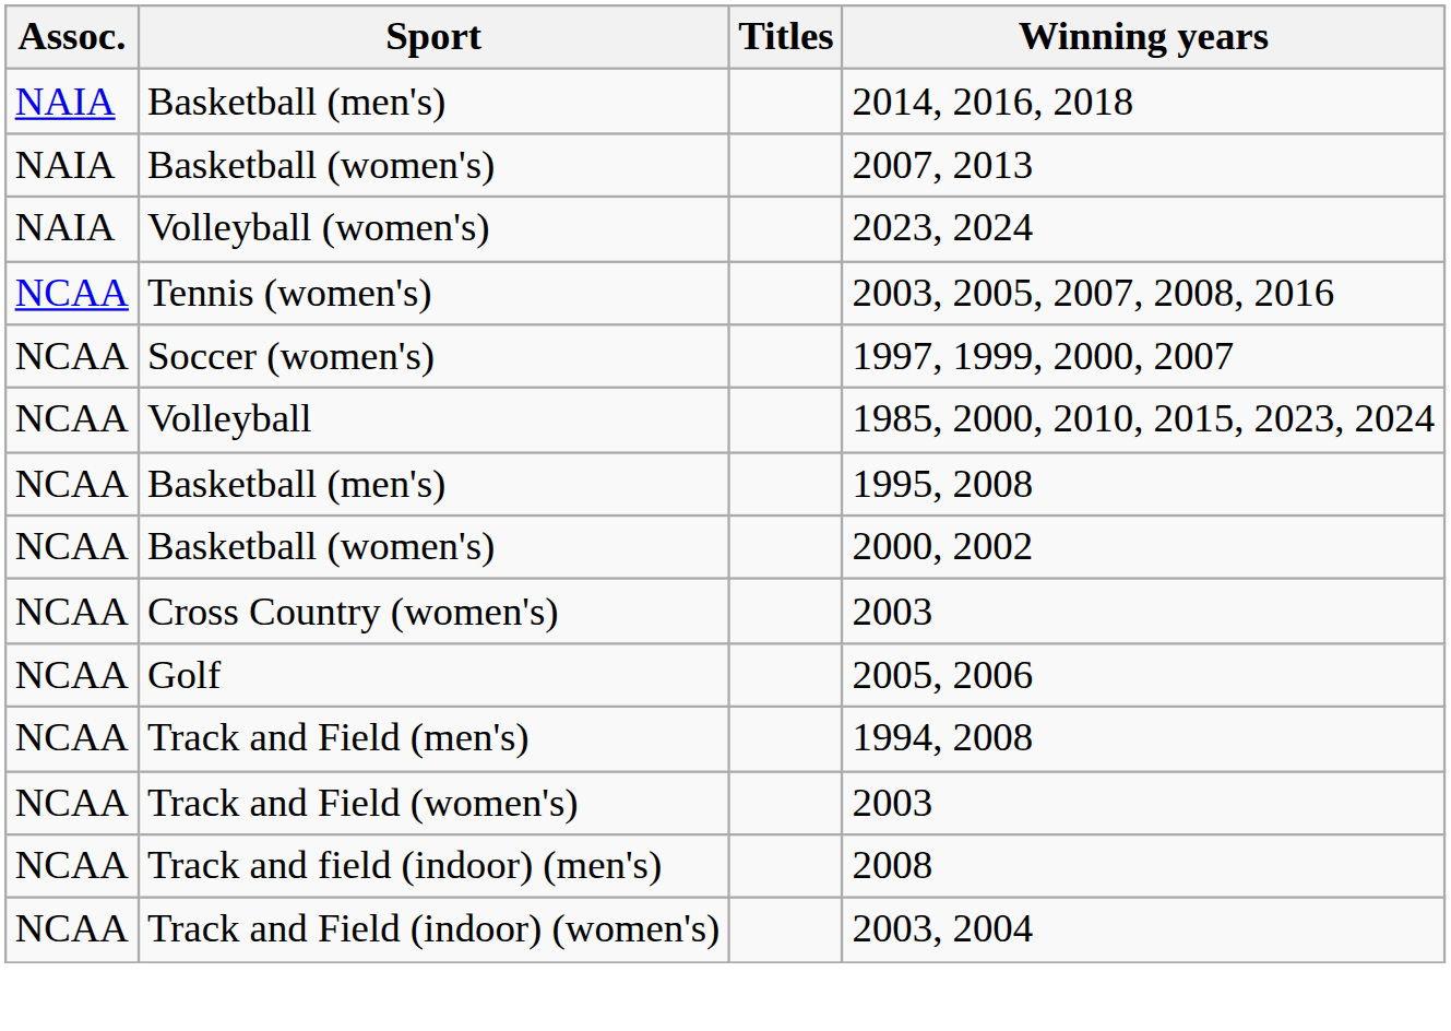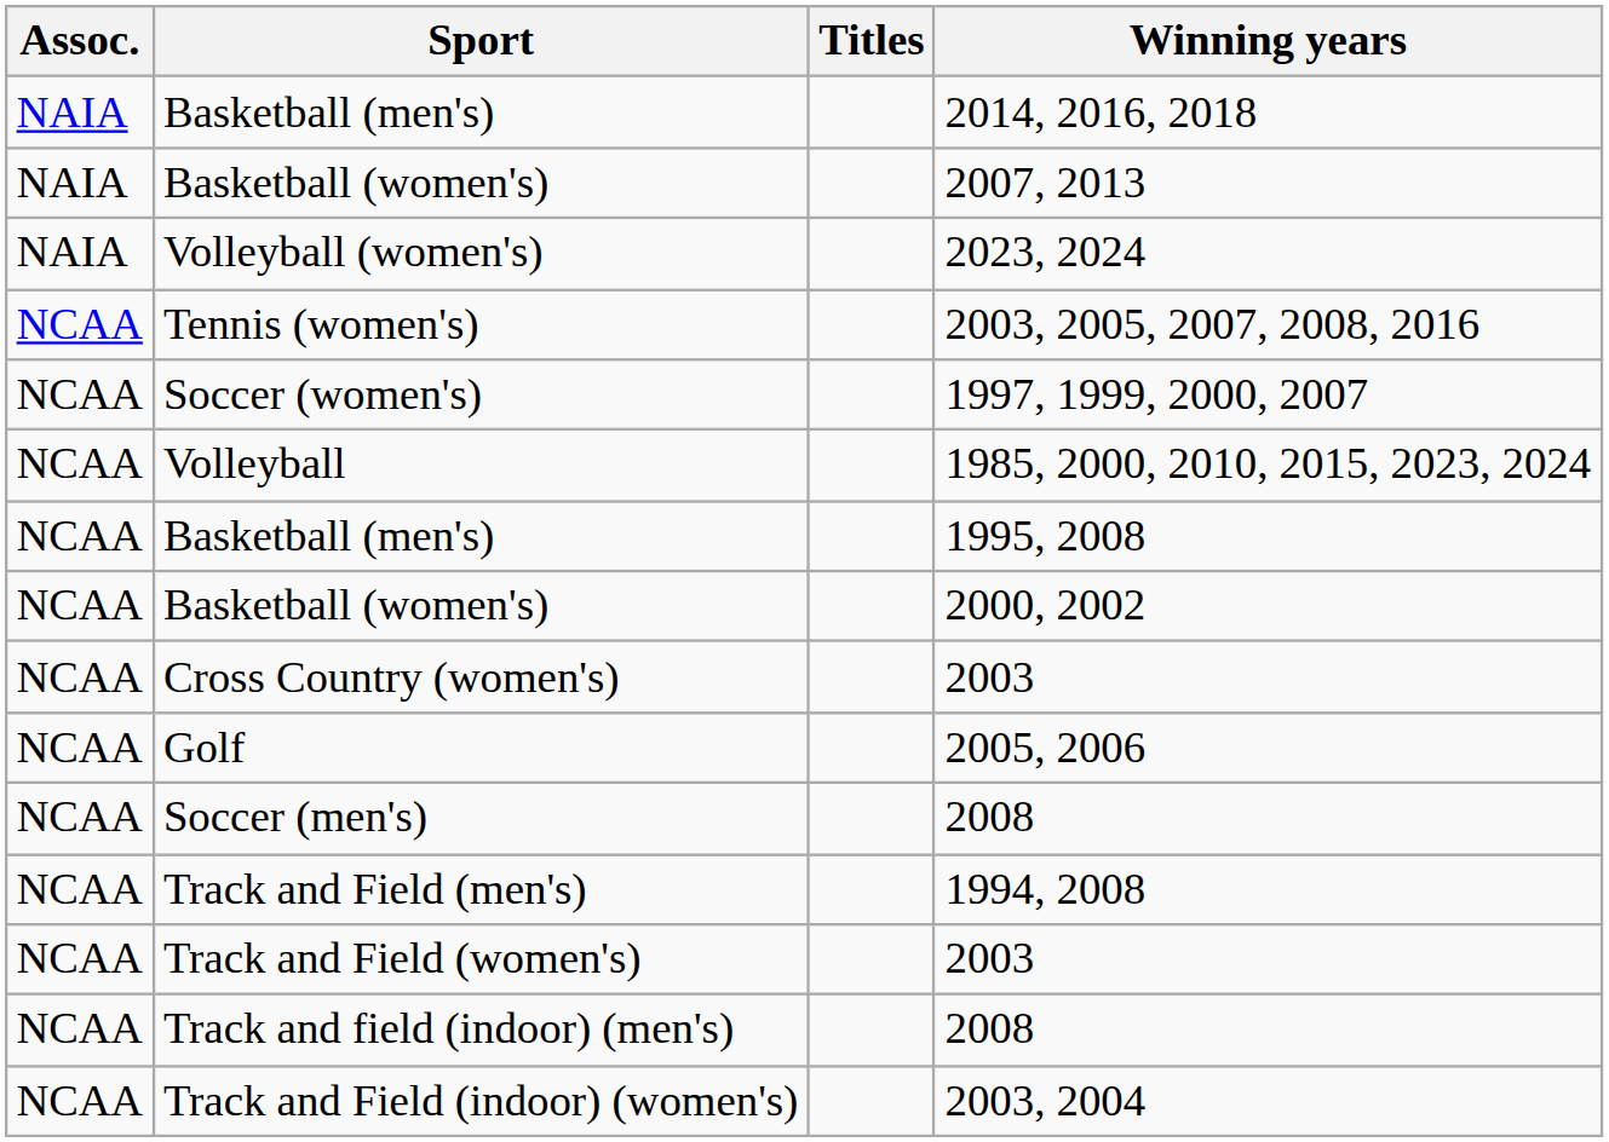 <table class="wikitable"; style= "text-align: ">
 <tr>
 <th width=px>Assoc.</th>
 <th width=px>Sport</th>
 <th width=px>Titles</th>
 <th width=px>Winning years</th>
 </tr>
 <tr>
 <td><a href='#'>NAIA</a></td>
 <td>Basketball (men's)</td>
 <td></td>
 <td>2014, 2016, 2018</td>
 </tr>
 <tr>
 <td>NAIA</td>
 <td>Basketball (women's)</td>
 <td></td>
 <td>2007, 2013</td>
 </tr>
 <tr>
 <td>NAIA</td>
 <td>Volleyball (women's)</td>
 <td></td>
 <td>2023, 2024</td>
 </tr>
 <tr>
 <td><a href='#'>NCAA</a></td>
 <td>Tennis (women's)</td>
 <td></td>
 <td>2003, 2005, 2007, 2008, 2016</td>
 </tr>
 <tr>
 <td>NCAA</td>
 <td>Soccer (women's)</td>
 <td></td>
 <td>1997, 1999, 2000, 2007</td>
 </tr>
 <tr>
 <td>NCAA</td>
 <td>Volleyball</td>
 <td></td>
 <td>1985, 2000, 2010, 2015, 2023, 2024</td>
 </tr>
 <tr>
 <td>NCAA</td>
 <td>Basketball (men's)</td>
 <td></td>
 <td>1995, 2008</td>
 </tr>
 <tr>
 <td>NCAA</td>
 <td>Basketball (women's)</td>
 <td></td>
 <td>2000, 2002</td>
 </tr>
 <tr>
 <td>NCAA</td>
 <td>Cross Country (women's)</td>
 <td></td>
 <td>2003</td>
 </tr>
 <tr>
 <td>NCAA</td>
 <td>Golf</td>
 <td></td>
 <td>2005, 2006</td>
 </tr>
 <tr>
 <td>NCAA</td>
+<td>Soccer (men's)</td>
+<td></td>
+<td>2008</td>
+</tr>
+<tr>
+<td>NCAA</td>
 <td>Track and Field (men's)</td>
 <td></td>
 <td>1994, 2008</td>
 </tr>
 <tr>
 <td>NCAA</td>
 <td>Track and Field (women's)</td>
 <td></td>
 <td>2003</td>
 </tr>
 <tr>
 <td>NCAA</td>
 <td>Track and field (indoor) (men's)</td>
 <td></td>
 <td>2008</td>
 </tr>
 <tr>
 <td>NCAA</td>
 <td>Track and Field (indoor) (women's)</td>
 <td></td>
 <td>2003, 2004</td>
 </tr>
 </table>
